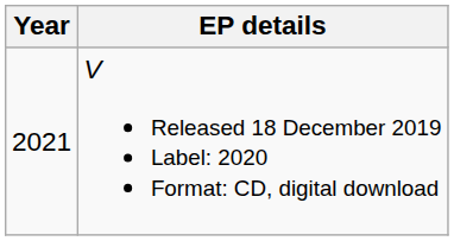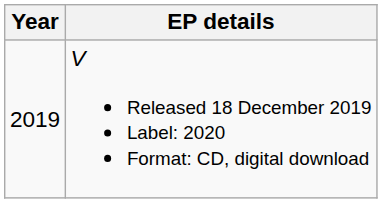 <table class="wikitable">
 <tr>
 <th>Year</th>
 <th>EP details</th>
 </tr>
 <tr>
-<td>2021</td>
+<td>2019</td>
 <td><em>V</em><br><ul><li><small>Released 18 December 2019</small></li><li><small>Label: 2020</small></li><li><small>Format: CD, digital download</small></li></ul></td>
 </tr>
 </table>
